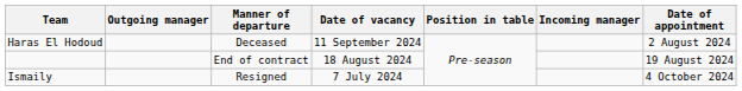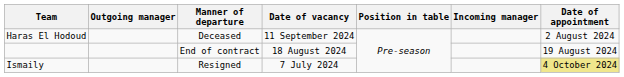 <table class="wikitable sortable">
 <tr>
 <th>Team</th>
 <th>Outgoing manager</th>
 <th>Manner of<br>departure</th>
 <th>Date of vacancy</th>
 <th>Position in table</th>
 <th>Incoming manager</th>
 <th>Date of<br>appointment</th>
 </tr>
 <tr>
 <td>Haras El Hodoud</td>
 <td></td>
 <td align=center>Deceased</td>
 <td align=center>11 September 2024</td>
 <td align=center rowspan=3><em>Pre-season</em></td>
 <td></td>
 <td align=center>2 August 2024</td>
 </tr>
 <tr>
 <td></td>
 <td></td>
 <td align=center>End of contract</td>
 <td align=center>18 August 2024</td>
 <td></td>
 <td align=center>19 August 2024</td>
 </tr>
 <tr>
 <td>Ismaily</td>
 <td></td>
 <td align=center>Resigned</td>
 <td align=center>7 July 2024</td>
 <td></td>
-<td align=center>4 October 2024</td>
+<td align=center style="background: khaki;">4 October 2024</td>
 </tr>
 </table>
